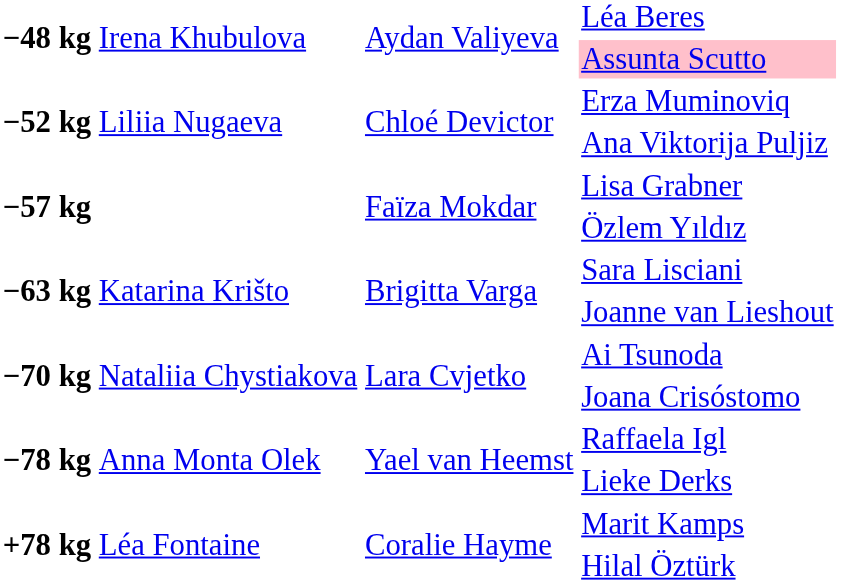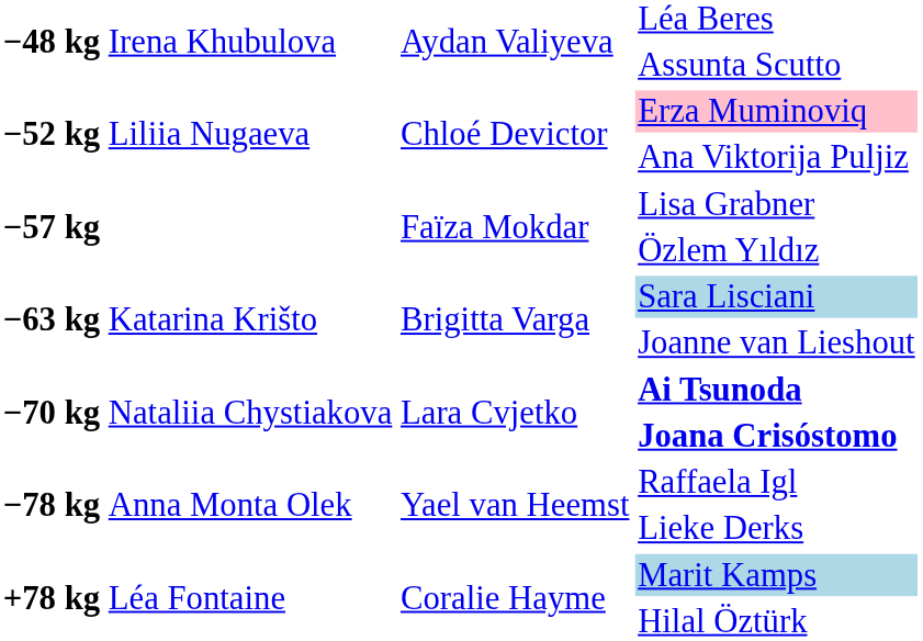 <table>
 <tr>
 <th rowspan=2>−48 kg</th>
 <td rowspan=2> <a href='#'>Irena Khubulova</a></td>
 <td rowspan=2> <a href='#'>Aydan Valiyeva</a></td>
 <td> <a href='#'>Léa Beres</a></td>
 </tr>
 <tr>
-<td style="background: pink;"> <a href='#'>Assunta Scutto</a></td>
+<td> <a href='#'>Assunta Scutto</a></td>
 </tr>
 <tr>
 <th rowspan=2>−52 kg</th>
 <td rowspan=2> <a href='#'>Liliia Nugaeva</a></td>
 <td rowspan=2> <a href='#'>Chloé Devictor</a></td>
-<td> <a href='#'>Erza Muminoviq</a></td>
+<td style="background: pink;"> <a href='#'>Erza Muminoviq</a></td>
 </tr>
 <tr>
 <td> <a href='#'>Ana Viktorija Puljiz</a></td>
 </tr>
 <tr>
 <th rowspan=2>−57 kg</th>
 <td rowspan=2> </td>
 <td rowspan=2> <a href='#'>Faïza Mokdar</a></td>
 <td> <a href='#'>Lisa Grabner</a></td>
 </tr>
 <tr>
 <td> <a href='#'>Özlem Yıldız</a></td>
 </tr>
 <tr>
 <th rowspan=2>−63 kg</th>
 <td rowspan=2> <a href='#'>Katarina Krišto</a></td>
 <td rowspan=2> <a href='#'>Brigitta Varga</a></td>
-<td> <a href='#'>Sara Lisciani</a></td>
+<td style="background: lightblue;"> <a href='#'>Sara Lisciani</a></td>
 </tr>
 <tr>
 <td> <a href='#'>Joanne van Lieshout</a></td>
 </tr>
 <tr>
 <th rowspan=2>−70 kg</th>
 <td rowspan=2> <a href='#'>Nataliia Chystiakova</a></td>
 <td rowspan=2> <a href='#'>Lara Cvjetko</a></td>
-<td> <a href='#'>Ai Tsunoda</a></td>
+<td><strong> <a href='#'>Ai Tsunoda</a></strong></td>
 </tr>
 <tr>
-<td> <a href='#'>Joana Crisóstomo</a></td>
+<td><strong> <a href='#'>Joana Crisóstomo</a></strong></td>
 </tr>
 <tr>
 <th rowspan=2>−78 kg</th>
 <td rowspan=2> <a href='#'>Anna Monta Olek</a></td>
 <td rowspan=2> <a href='#'>Yael van Heemst</a></td>
 <td> <a href='#'>Raffaela Igl</a></td>
 </tr>
 <tr>
 <td> <a href='#'>Lieke Derks</a></td>
 </tr>
 <tr>
 <th rowspan=2>+78 kg</th>
 <td rowspan=2> <a href='#'>Léa Fontaine</a></td>
 <td rowspan=2> <a href='#'>Coralie Hayme</a></td>
-<td> <a href='#'>Marit Kamps</a></td>
+<td style="background: lightblue;"> <a href='#'>Marit Kamps</a></td>
 </tr>
 <tr>
 <td> <a href='#'>Hilal Öztürk</a></td>
 </tr>
 </table>
